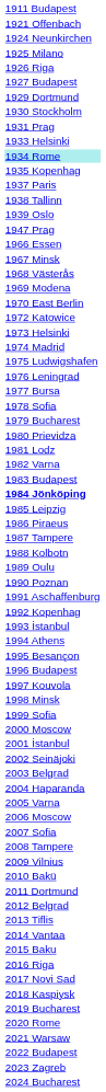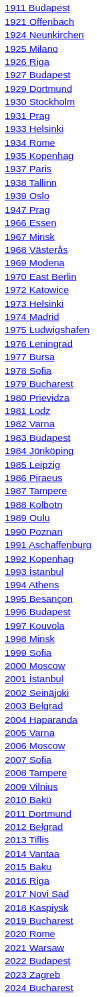 <table>
 <tr>
 <td><a href='#'>1911 Budapest</a></td>
 <td></td>
 <td></td>
 <td></td>
 </tr>
 <tr>
 <td><a href='#'>1921 Offenbach</a></td>
 <td></td>
 <td></td>
 <td></td>
 </tr>
 <tr>
 <td><a href='#'>1924 Neunkirchen</a></td>
 <td></td>
 <td></td>
 <td></td>
 </tr>
 <tr>
 <td><a href='#'>1925 Milano</a></td>
 <td></td>
 <td></td>
 <td></td>
 </tr>
 <tr>
 <td><a href='#'>1926 Riga</a></td>
 <td></td>
 <td></td>
 <td></td>
 </tr>
 <tr>
 <td><a href='#'>1927 Budapest</a></td>
 <td></td>
 <td></td>
 <td></td>
 </tr>
 <tr>
 <td><a href='#'>1929 Dortmund</a></td>
 <td></td>
 <td></td>
 <td></td>
 </tr>
 <tr>
 <td><a href='#'>1930 Stockholm</a></td>
 <td></td>
 <td></td>
 <td></td>
 </tr>
 <tr>
 <td><a href='#'>1931 Prag</a></td>
 <td></td>
 <td></td>
 <td></td>
 </tr>
 <tr>
 <td><a href='#'>1933 Helsinki</a></td>
 <td></td>
 <td></td>
 <td></td>
 </tr>
 <tr>
-<td style="background: paleturquoise;"><a href='#'>1934 Rome</a></td>
+<td><a href='#'>1934 Rome</a></td>
 <td></td>
 <td></td>
 <td></td>
 </tr>
 <tr>
 <td><a href='#'>1935 Kopenhag</a></td>
 <td></td>
 <td></td>
 <td></td>
 </tr>
 <tr>
 <td><a href='#'>1937 Paris</a></td>
 <td></td>
 <td></td>
 <td></td>
 </tr>
 <tr>
 <td><a href='#'>1938 Tallinn</a></td>
 <td></td>
 <td></td>
 <td></td>
 </tr>
 <tr>
 <td><a href='#'>1939 Oslo</a></td>
 <td></td>
 <td></td>
 <td></td>
 </tr>
 <tr>
 <td><a href='#'>1947 Prag</a></td>
 <td></td>
 <td></td>
 <td></td>
 </tr>
 <tr>
 <td><a href='#'>1966 Essen</a></td>
 <td></td>
 <td></td>
 <td></td>
 </tr>
 <tr>
 <td><a href='#'>1967 Minsk</a></td>
 <td></td>
 <td></td>
 <td></td>
 </tr>
 <tr>
 <td><a href='#'>1968 Västerås</a></td>
 <td></td>
 <td></td>
 <td></td>
 </tr>
 <tr>
 <td><a href='#'>1969 Modena</a></td>
 <td></td>
 <td></td>
 <td></td>
 </tr>
 <tr>
 <td><a href='#'>1970 East Berlin</a></td>
 <td></td>
 <td></td>
 <td></td>
 </tr>
 <tr>
 <td><a href='#'>1972 Katowice</a></td>
 <td></td>
 <td></td>
 <td></td>
 </tr>
 <tr>
 <td><a href='#'>1973 Helsinki</a></td>
 <td></td>
 <td></td>
 <td></td>
 </tr>
 <tr>
 <td><a href='#'>1974 Madrid</a></td>
 <td></td>
 <td></td>
 <td></td>
 </tr>
 <tr>
 <td><a href='#'>1975 Ludwigshafen</a></td>
 <td></td>
 <td></td>
 <td></td>
 </tr>
 <tr>
 <td><a href='#'>1976 Leningrad</a></td>
 <td></td>
 <td></td>
 <td></td>
 </tr>
 <tr>
 <td><a href='#'>1977 Bursa</a></td>
 <td></td>
 <td></td>
 <td></td>
 </tr>
 <tr>
 <td><a href='#'>1978 Sofia</a></td>
 <td></td>
 <td></td>
 <td></td>
 </tr>
 <tr>
 <td><a href='#'>1979 Bucharest</a></td>
 <td></td>
 <td></td>
 <td></td>
 </tr>
 <tr>
 <td><a href='#'>1980 Prievidza</a></td>
 <td></td>
 <td></td>
 <td></td>
 </tr>
 <tr>
 <td><a href='#'>1981 Lodz</a></td>
 <td></td>
 <td></td>
 <td></td>
 </tr>
 <tr>
 <td><a href='#'>1982 Varna</a></td>
 <td></td>
 <td></td>
 <td></td>
 </tr>
 <tr>
 <td><a href='#'>1983 Budapest</a></td>
 <td></td>
 <td></td>
 <td></td>
 </tr>
 <tr>
-<td><strong><a href='#'>1984 Jönköping</a></strong></td>
+<td><a href='#'>1984 Jönköping</a></td>
 <td></td>
 <td></td>
 <td></td>
 </tr>
 <tr>
 <td><a href='#'>1985 Leipzig</a></td>
 <td></td>
 <td></td>
 <td></td>
 </tr>
 <tr>
 <td><a href='#'>1986 Piraeus</a></td>
 <td></td>
 <td></td>
 <td></td>
 </tr>
 <tr>
 <td><a href='#'>1987 Tampere</a></td>
 <td></td>
 <td></td>
 <td></td>
 </tr>
 <tr>
 <td><a href='#'>1988 Kolbotn</a></td>
 <td></td>
 <td></td>
 <td></td>
 </tr>
 <tr>
 <td><a href='#'>1989 Oulu</a></td>
 <td></td>
 <td></td>
 <td></td>
 </tr>
 <tr>
 <td><a href='#'>1990 Poznan</a></td>
 <td></td>
 <td></td>
 <td></td>
 </tr>
 <tr>
 <td><a href='#'>1991 Aschaffenburg</a></td>
 <td></td>
 <td></td>
 <td></td>
 </tr>
 <tr>
 <td><a href='#'>1992 Kopenhag</a></td>
 <td></td>
 <td></td>
 <td></td>
 </tr>
 <tr>
 <td><a href='#'>1993 İstanbul</a></td>
 <td></td>
 <td></td>
 <td></td>
 </tr>
 <tr>
 <td><a href='#'>1994 Athens</a></td>
 <td></td>
 <td></td>
 <td></td>
 </tr>
 <tr>
 <td><a href='#'>1995 Besançon</a></td>
 <td></td>
 <td></td>
 <td></td>
 </tr>
 <tr>
 <td><a href='#'>1996 Budapest</a></td>
 <td></td>
 <td></td>
 <td></td>
 </tr>
 <tr>
 <td><a href='#'>1997 Kouvola</a></td>
 <td></td>
 <td></td>
 <td></td>
 </tr>
 <tr>
 <td><a href='#'>1998 Minsk</a></td>
 <td></td>
 <td></td>
 <td></td>
 </tr>
 <tr>
 <td><a href='#'>1999 Sofia</a></td>
 <td></td>
 <td></td>
 <td></td>
 </tr>
 <tr>
 <td><a href='#'>2000 Moscow</a></td>
 <td></td>
 <td></td>
 <td></td>
 </tr>
 <tr>
 <td><a href='#'>2001 İstanbul</a></td>
 <td></td>
 <td></td>
 <td></td>
 </tr>
 <tr>
 <td><a href='#'>2002 Seinäjoki</a></td>
 <td></td>
 <td></td>
 <td></td>
 </tr>
 <tr>
 <td><a href='#'>2003 Belgrad</a></td>
 <td></td>
 <td></td>
 <td></td>
 </tr>
 <tr>
 <td><a href='#'>2004 Haparanda</a></td>
 <td></td>
 <td></td>
 <td></td>
 </tr>
 <tr>
 <td rowspan=2><a href='#'>2005 Varna</a></td>
 <td rowspan=2></td>
 <td rowspan=2></td>
 <td></td>
 </tr>
 <tr>
 <td></td>
 </tr>
 <tr>
 <td rowspan=2><a href='#'>2006 Moscow</a></td>
 <td rowspan=2></td>
 <td rowspan=2></td>
 <td></td>
 </tr>
 <tr>
 <td></td>
 </tr>
 <tr>
 <td rowspan=2><a href='#'>2007 Sofia</a></td>
 <td rowspan=2></td>
 <td rowspan=2></td>
 <td></td>
 </tr>
 <tr>
 <td></td>
 </tr>
 <tr>
 <td rowspan=2><a href='#'>2008 Tampere</a></td>
 <td rowspan=2></td>
 <td rowspan=2></td>
 <td></td>
 </tr>
 <tr>
 <td></td>
 </tr>
 <tr>
 <td rowspan=2><a href='#'>2009 Vilnius</a></td>
 <td rowspan=2></td>
 <td rowspan=2></td>
 <td></td>
 </tr>
 <tr>
 <td></td>
 </tr>
 <tr>
 <td rowspan=2><a href='#'>2010 Bakü</a></td>
 <td rowspan=2></td>
 <td rowspan=2></td>
 <td></td>
 </tr>
 <tr>
 <td></td>
 </tr>
 <tr>
 <td rowspan=2><a href='#'>2011 Dortmund</a></td>
 <td rowspan=2></td>
 <td rowspan=2></td>
 <td></td>
 </tr>
 <tr>
 <td></td>
 </tr>
 <tr>
 <td rowspan=2><a href='#'>2012 Belgrad</a></td>
 <td rowspan=2></td>
 <td rowspan=2></td>
 <td></td>
 </tr>
 <tr>
 <td></td>
 </tr>
 <tr>
 <td rowspan=2><a href='#'>2013 Tiflis</a></td>
 <td rowspan=2></td>
 <td rowspan=2></td>
 <td></td>
 </tr>
 <tr>
 <td></td>
 </tr>
 <tr>
 <td rowspan=2><a href='#'>2014 Vantaa</a></td>
 <td rowspan=2></td>
 <td rowspan=2></td>
 <td></td>
 </tr>
 <tr>
 <td></td>
 </tr>
 <tr>
 <td rowspan=2><a href='#'>2015 Baku</a></td>
 <td rowspan=2></td>
 <td rowspan=2></td>
 <td></td>
 </tr>
 <tr>
 <td></td>
 </tr>
 <tr>
 <td rowspan=2><a href='#'>2016 Riga</a></td>
 <td rowspan=2></td>
 <td rowspan=2></td>
 <td></td>
 </tr>
 <tr>
 <td></td>
 </tr>
 <tr>
 <td rowspan=2><a href='#'>2017 Novi Sad</a></td>
 <td rowspan=2></td>
 <td rowspan=2></td>
 <td></td>
 </tr>
 <tr>
 <td></td>
 </tr>
 <tr>
 <td rowspan=2><a href='#'>2018 Kaspiysk</a></td>
 <td rowspan=2></td>
 <td rowspan=2></td>
 <td></td>
 </tr>
 <tr>
 <td></td>
 </tr>
 <tr>
 <td rowspan=2><a href='#'>2019 Bucharest</a></td>
 <td rowspan=2></td>
 <td rowspan=2></td>
 <td></td>
 </tr>
 <tr>
 <td></td>
 </tr>
 <tr>
 <td rowspan=2><a href='#'>2020 Rome</a></td>
 <td rowspan=2></td>
 <td rowspan=2></td>
 <td></td>
 </tr>
 <tr>
 <td></td>
 </tr>
 <tr>
 <td rowspan=2><a href='#'>2021 Warsaw</a></td>
 <td rowspan=2></td>
 <td rowspan=2></td>
 <td></td>
 </tr>
 <tr>
 <td></td>
 </tr>
 <tr>
 <td rowspan=2><a href='#'>2022 Budapest</a></td>
 <td rowspan=2></td>
 <td rowspan=2></td>
 <td></td>
 </tr>
 <tr>
 <td></td>
 </tr>
 <tr>
 <td rowspan=2><a href='#'>2023 Zagreb</a></td>
 <td rowspan=2></td>
 <td rowspan=2></td>
 <td></td>
 </tr>
 <tr>
 <td></td>
 </tr>
 <tr>
 <td rowspan=2><a href='#'>2024 Bucharest</a></td>
 <td rowspan=2></td>
 <td rowspan=2></td>
 <td></td>
 </tr>
 <tr>
 <td></td>
 </tr>
 </table>
